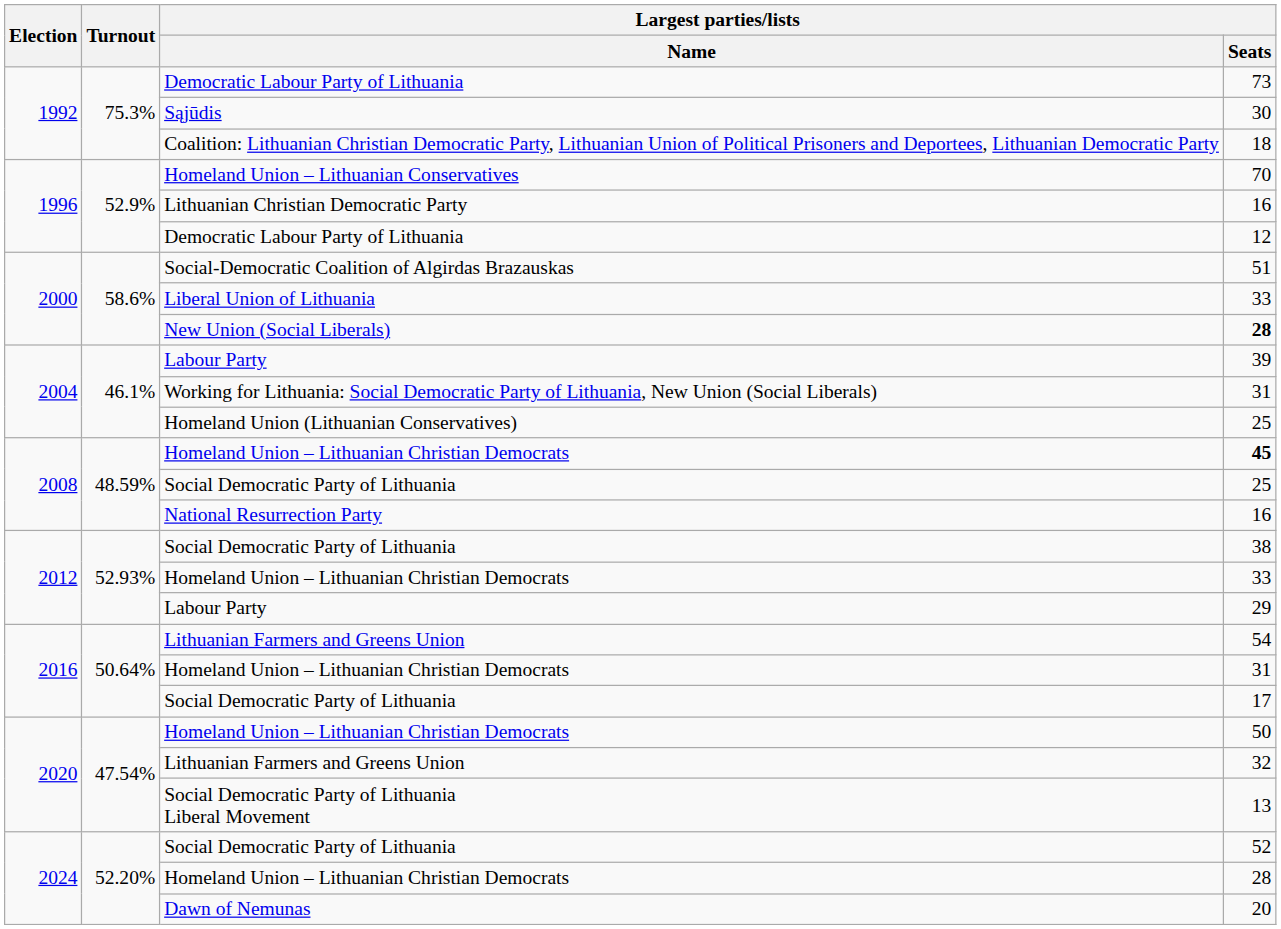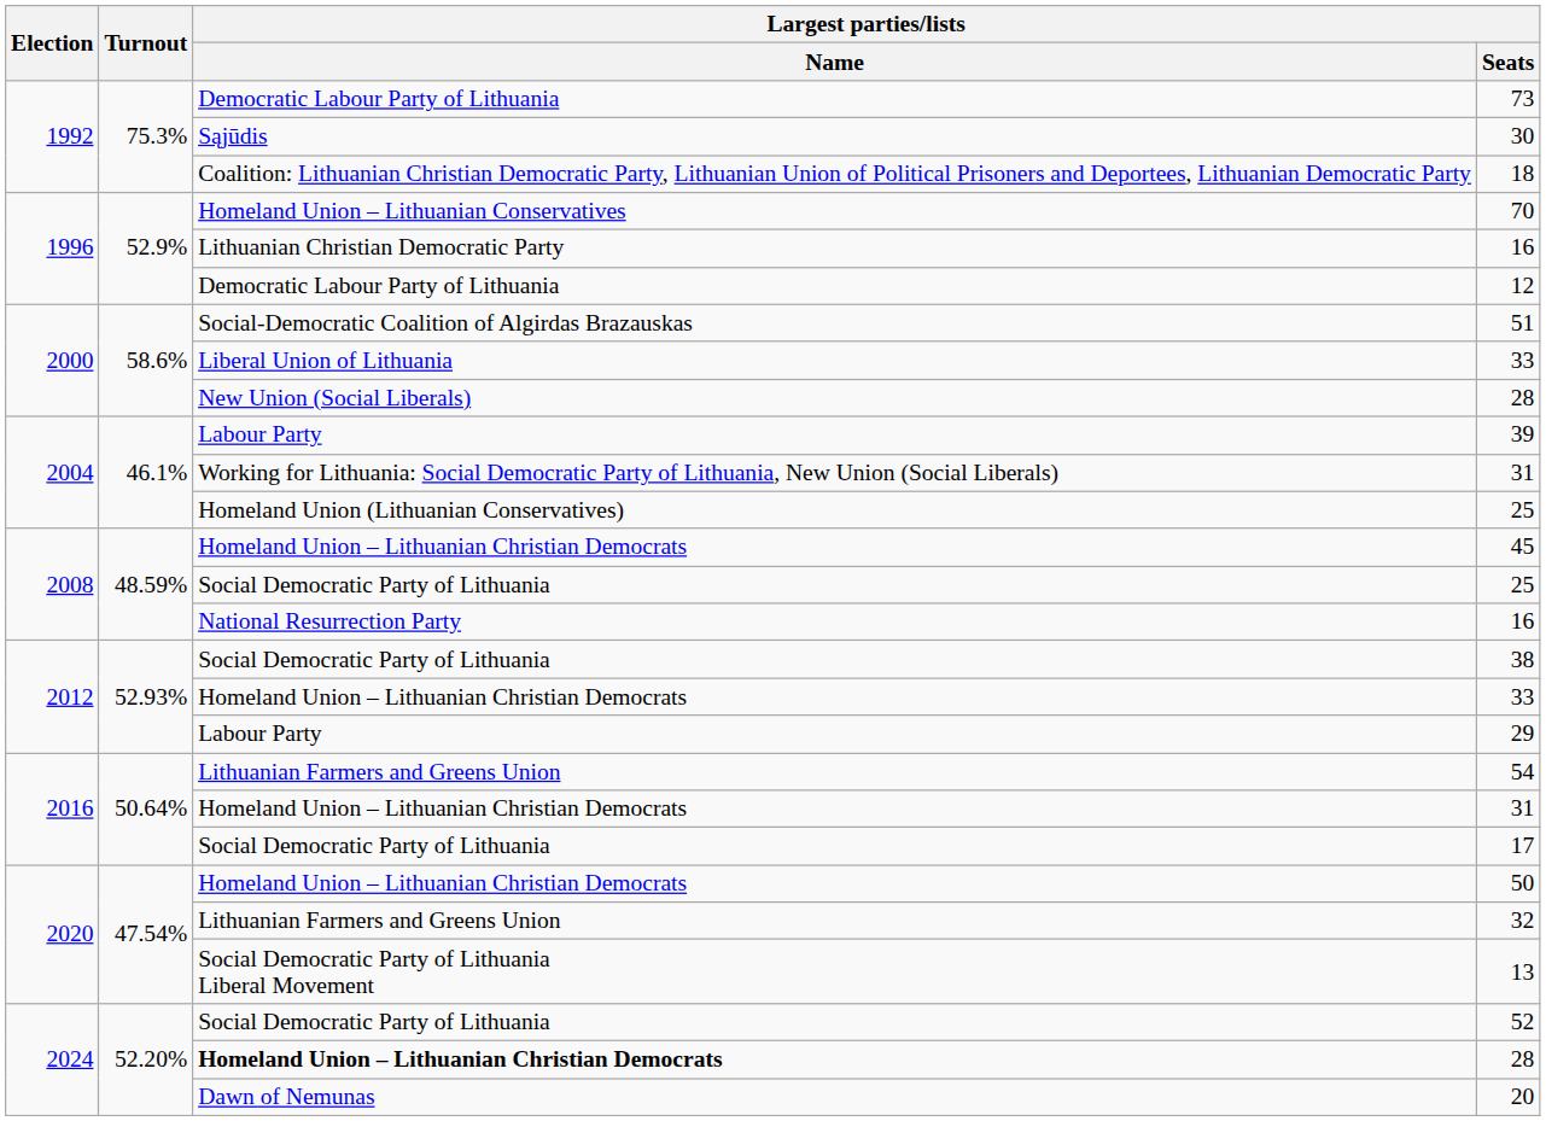 <table class=wikitable style=text-align:right>
 <tr>
 <th rowspan=2>Election</th>
 <th rowspan=2>Turnout</th>
 <th colspan=2>Largest parties/lists</th>
 </tr>
 <tr>
 <th>Name</th>
 <th>Seats</th>
 </tr>
 <tr>
 <td rowspan=3 align=right><a href='#'>1992</a></td>
 <td rowspan=3>75.3%</td>
 <td align=left><a href='#'>Democratic Labour Party of Lithuania</a></td>
 <td>73</td>
 </tr>
 <tr>
 <td align=left><a href='#'>Sąjūdis</a></td>
 <td>30</td>
 </tr>
 <tr>
 <td align=left>Coalition: <a href='#'>Lithuanian Christian Democratic Party</a>, <a href='#'>Lithuanian Union of Political Prisoners and Deportees</a>, <a href='#'>Lithuanian Democratic Party</a></td>
 <td>18</td>
 </tr>
 <tr>
 <td rowspan=3 align=right><a href='#'>1996</a></td>
 <td rowspan=3>52.9%</td>
 <td align=left><a href='#'>Homeland Union – Lithuanian Conservatives</a></td>
 <td>70</td>
 </tr>
 <tr>
 <td align=left>Lithuanian Christian Democratic Party</td>
 <td>16</td>
 </tr>
 <tr>
 <td align=left>Democratic Labour Party of Lithuania</td>
 <td>12</td>
 </tr>
 <tr>
 <td rowspan=3 align=right><a href='#'>2000</a></td>
 <td rowspan=3>58.6%</td>
 <td align=left>Social-Democratic Coalition of Algirdas Brazauskas</td>
 <td>51</td>
 </tr>
 <tr>
 <td align=left><a href='#'>Liberal Union of Lithuania</a></td>
 <td>33</td>
 </tr>
 <tr>
 <td align=left><a href='#'>New Union (Social Liberals)</a></td>
-<td><strong>28</strong></td>
+<td>28</td>
 </tr>
 <tr>
 <td rowspan=3 align=right><a href='#'>2004</a></td>
 <td rowspan=3>46.1%</td>
 <td align=left><a href='#'>Labour Party</a></td>
 <td>39</td>
 </tr>
 <tr>
 <td align=left>Working for Lithuania: <a href='#'>Social Democratic Party of Lithuania</a>, New Union (Social Liberals)</td>
 <td>31</td>
 </tr>
 <tr>
 <td align=left>Homeland Union (Lithuanian Conservatives)</td>
 <td>25</td>
 </tr>
 <tr>
 <td rowspan=3 align=right><a href='#'>2008</a></td>
 <td rowspan=3>48.59%</td>
 <td align=left><a href='#'>Homeland Union – Lithuanian Christian Democrats</a></td>
-<td><strong>45</strong></td>
+<td>45</td>
 </tr>
 <tr>
 <td align=left>Social Democratic Party of Lithuania</td>
 <td>25</td>
 </tr>
 <tr>
 <td align=left><a href='#'>National Resurrection Party</a></td>
 <td>16</td>
 </tr>
 <tr>
 <td rowspan=3 align=right><a href='#'>2012</a></td>
 <td rowspan=3>52.93%</td>
 <td align=left>Social Democratic Party of Lithuania</td>
 <td>38</td>
 </tr>
 <tr>
 <td align=left>Homeland Union – Lithuanian Christian Democrats</td>
 <td>33</td>
 </tr>
 <tr>
 <td align=left>Labour Party</td>
 <td>29</td>
 </tr>
 <tr>
 <td rowspan=3 align=right><a href='#'>2016</a></td>
 <td rowspan=3>50.64%</td>
 <td align=left><a href='#'>Lithuanian Farmers and Greens Union</a></td>
 <td>54</td>
 </tr>
 <tr>
 <td align=left>Homeland Union – Lithuanian Christian Democrats</td>
 <td>31</td>
 </tr>
 <tr>
 <td align=left>Social Democratic Party of Lithuania</td>
 <td>17</td>
 </tr>
 <tr>
 <td rowspan=3 align=right><a href='#'>2020</a></td>
 <td rowspan=3>47.54%</td>
 <td align=left><a href='#'>Homeland Union – Lithuanian Christian Democrats</a></td>
 <td>50</td>
 </tr>
 <tr>
 <td align=left>Lithuanian Farmers and Greens Union</td>
 <td>32</td>
 </tr>
 <tr>
 <td align=left>Social Democratic Party of Lithuania<br>Liberal Movement</td>
 <td>13</td>
 </tr>
 <tr>
 <td rowspan=3 align=right><a href='#'>2024</a></td>
 <td rowspan=3>52.20%</td>
 <td align=left>Social Democratic Party of Lithuania</td>
 <td>52</td>
 </tr>
 <tr>
-<td align=left>Homeland Union – Lithuanian Christian Democrats</td>
+<td align=left><strong>Homeland Union – Lithuanian Christian Democrats</strong></td>
 <td>28</td>
 </tr>
 <tr>
 <td align=left><a href='#'>Dawn of Nemunas</a></td>
 <td>20</td>
 </tr>
 </table>
